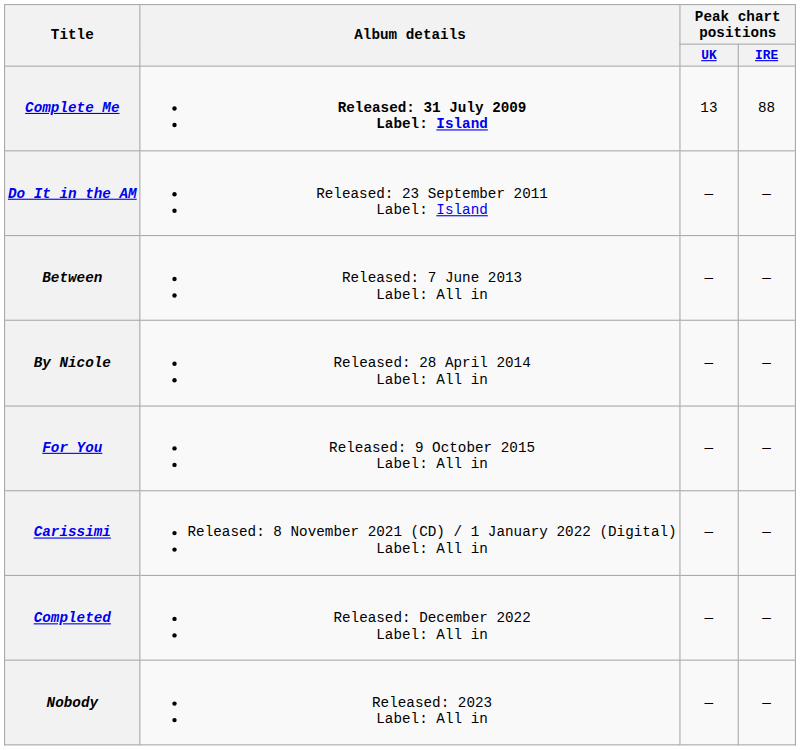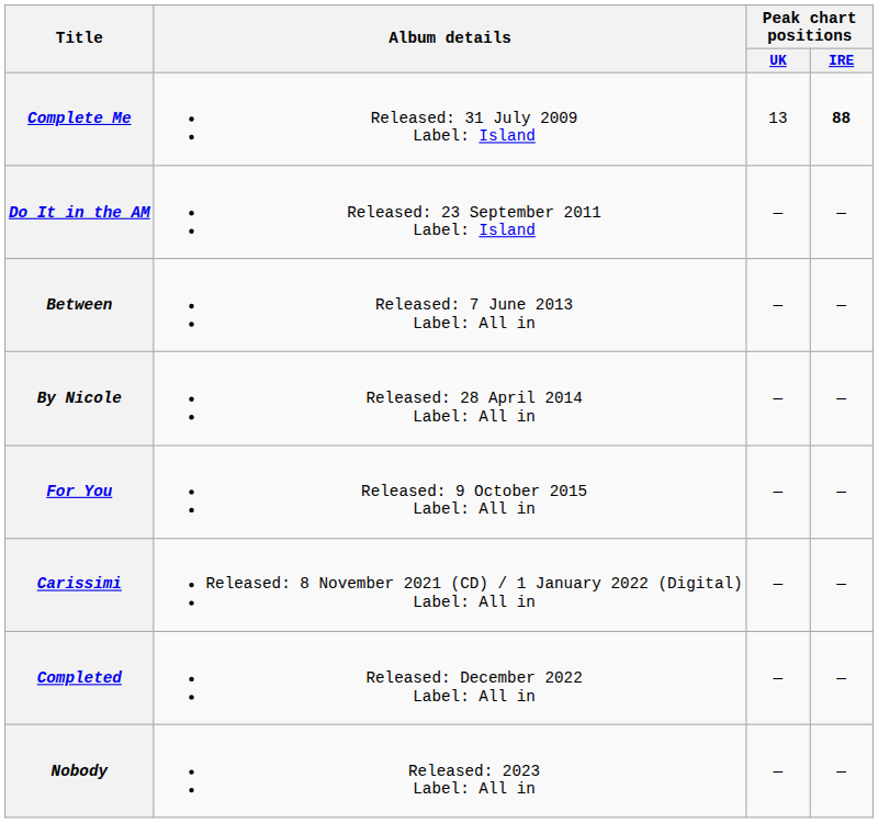 <table class="wikitable plainrowheaders" style="text-align:center;">
 <tr>
 <th scope="col" rowspan="2">Title</th>
 <th scope="col" rowspan="2">Album details</th>
 <th scope="col" colspan="2">Peak chart positions</th>
 </tr>
 <tr>
 <th scope="col" style="width:4em;font-size:90%;"><a href='#'>UK</a><br></th>
 <th scope="col" style="width:4em;font-size:90%;"><a href='#'>IRE</a><br></th>
 </tr>
 <tr>
 <th scope="row"><em><a href='#'>Complete Me</a></em></th>
-<td><strong><br><ul><li>Released: 31 July 2009</li><li>Label: <a href='#'>Island</a></li></ul></strong></td>
+<td><br><ul><li>Released: 31 July 2009</li><li>Label: <a href='#'>Island</a></li></ul></td>
 <td>13</td>
-<td>88</td>
+<td><strong>88</strong></td>
 </tr>
 <tr>
 <th scope="row"><em><a href='#'>Do It in the AM</a></em></th>
 <td><br><ul><li>Released: 23 September 2011</li><li>Label: <a href='#'>Island</a></li></ul></td>
 <td>—</td>
 <td>—</td>
 </tr>
 <tr>
 <th scope="row"><em> Between</em></th>
 <td><br><ul><li>Released: 7 June 2013</li><li>Label: All in</li></ul></td>
 <td>—</td>
 <td>—</td>
 </tr>
 <tr>
 <th scope="row"><em>By Nicole</em></th>
 <td><br><ul><li>Released: 28 April 2014</li><li>Label: All in</li></ul></td>
 <td>—</td>
 <td>—</td>
 </tr>
 <tr>
 <th scope="row"><em><a href='#'>For You</a></em></th>
 <td><br><ul><li>Released: 9 October 2015</li><li>Label: All in</li></ul></td>
 <td>—</td>
 <td>—</td>
 </tr>
 <tr>
 <th scope="row"><em><a href='#'>Carissimi</a></em></th>
 <td><br><ul><li>Released: 8 November 2021 (CD) / 1 January 2022 (Digital)</li><li>Label: All in</li></ul></td>
 <td>—</td>
 <td>—</td>
 </tr>
 <tr>
 <th scope="row"><em><a href='#'>Completed</a></em></th>
 <td><br><ul><li>Released: December 2022</li><li>Label: All in</li></ul></td>
 <td>—</td>
 <td>—</td>
 </tr>
 <tr>
 <th scope="row"><em>Nobody</em></th>
 <td><br><ul><li>Released: 2023</li><li>Label: All in</li></ul></td>
 <td>—</td>
 <td>—</td>
 </tr>
 </table>
